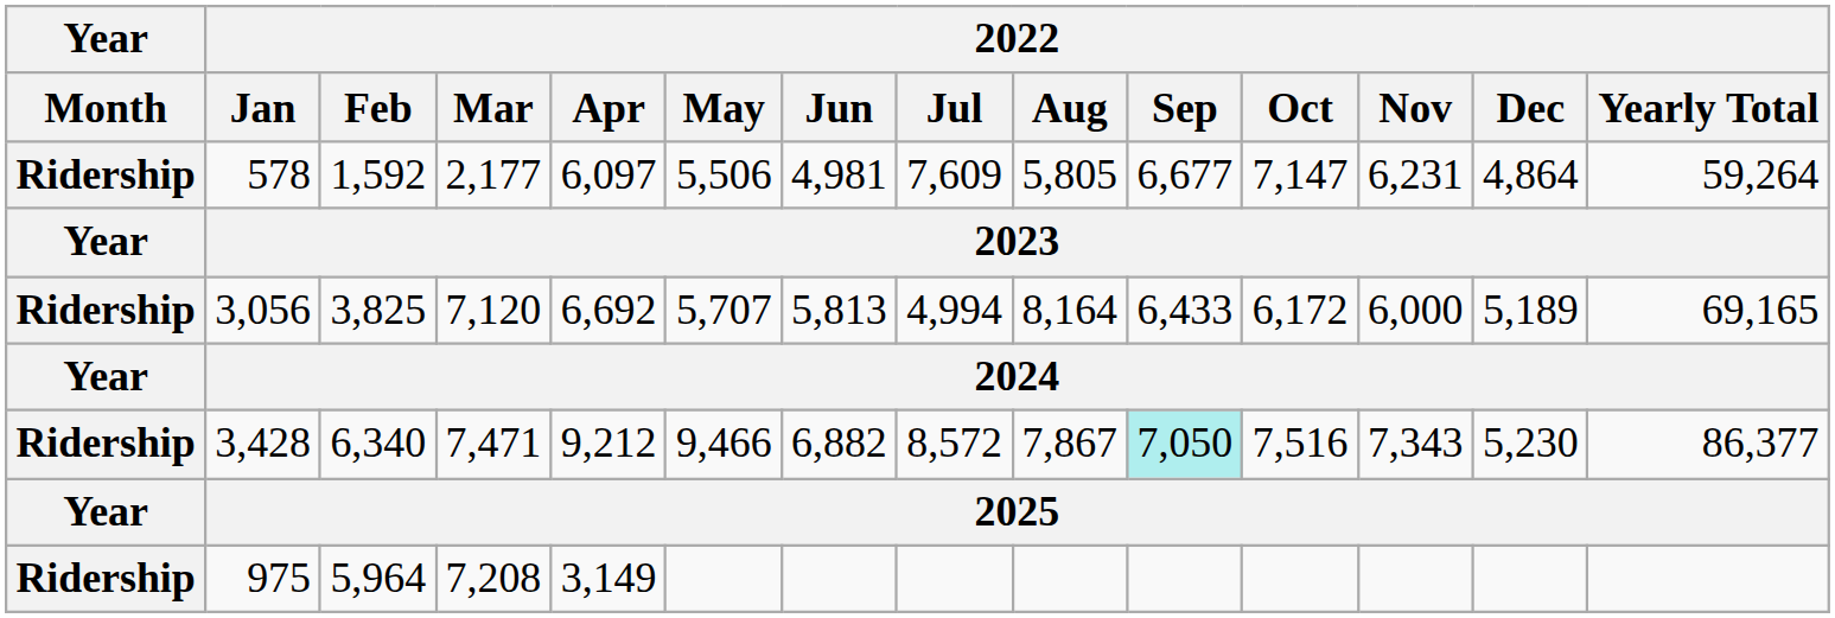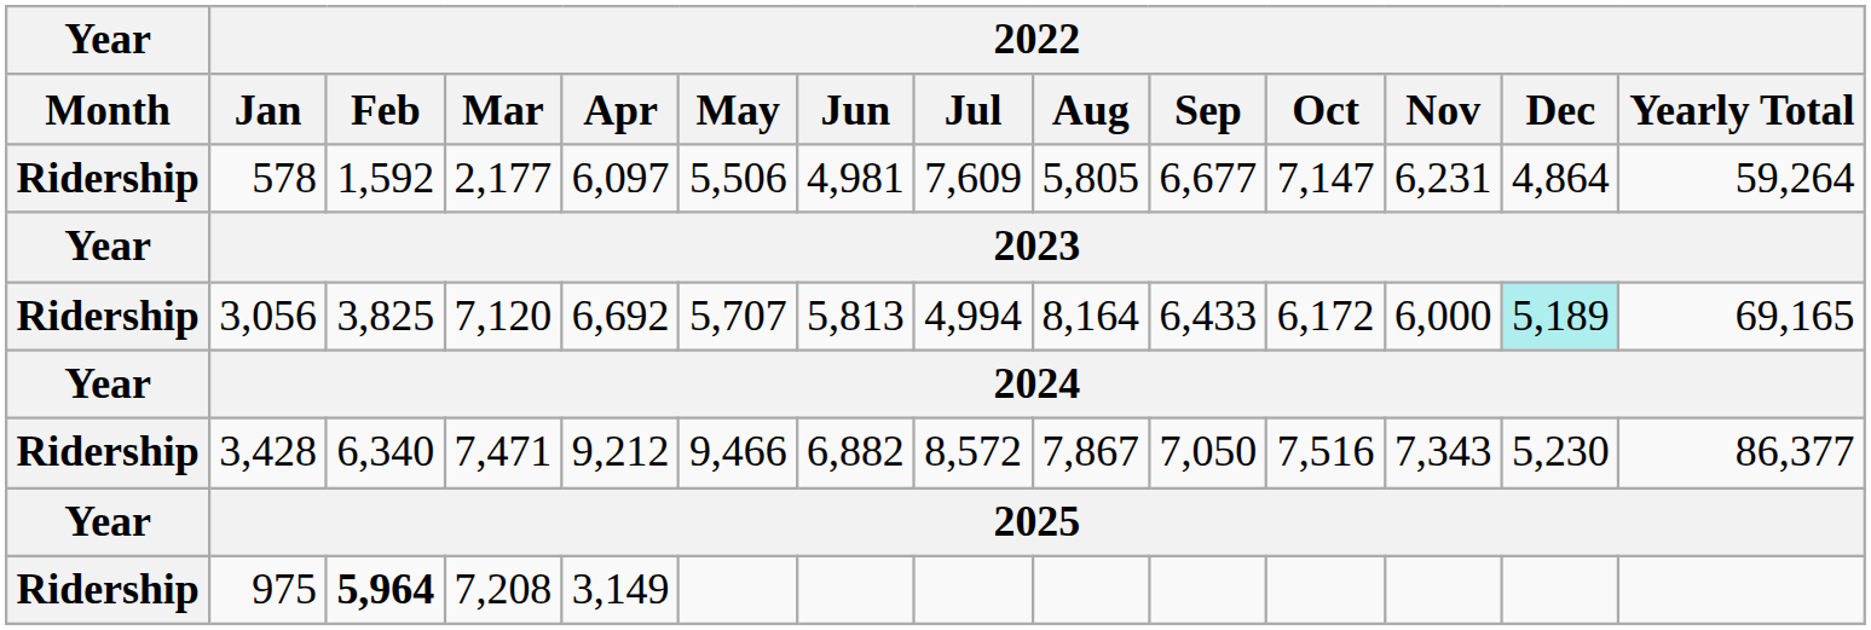 <table class="wikitable" style="text-align:right; white-space:nowrap;">
 <tr>
 <th>Year</th>
 <th colspan="13">2022</th>
 </tr>
 <tr>
 <th>Month</th>
 <th>Jan</th>
 <th>Feb</th>
 <th>Mar</th>
 <th>Apr</th>
 <th>May</th>
 <th>Jun</th>
 <th>Jul</th>
 <th>Aug</th>
 <th>Sep</th>
 <th>Oct</th>
 <th>Nov</th>
 <th>Dec</th>
 <th>Yearly Total</th>
 </tr>
 <tr>
 <th>Ridership</th>
 <td>578</td>
 <td>1,592</td>
 <td>2,177</td>
 <td>6,097</td>
 <td>5,506</td>
 <td>4,981</td>
 <td>7,609</td>
 <td>5,805</td>
 <td>6,677</td>
 <td>7,147</td>
 <td>6,231</td>
 <td>4,864</td>
 <td>59,264</td>
 </tr>
 <tr>
 <th>Year</th>
 <th colspan="13">2023</th>
 </tr>
 <tr>
 <th>Ridership</th>
 <td>3,056</td>
 <td>3,825</td>
 <td>7,120</td>
 <td>6,692</td>
 <td>5,707</td>
 <td>5,813</td>
 <td>4,994</td>
 <td>8,164</td>
 <td>6,433</td>
 <td>6,172</td>
 <td>6,000</td>
-<td>5,189</td>
+<td style="background: paleturquoise;">5,189</td>
 <td>69,165</td>
 </tr>
 <tr>
 <th>Year</th>
 <th colspan="13">2024</th>
 </tr>
 <tr>
 <th>Ridership</th>
 <td>3,428</td>
 <td>6,340</td>
 <td>7,471</td>
 <td>9,212</td>
 <td>9,466</td>
 <td>6,882</td>
 <td>8,572</td>
 <td>7,867</td>
-<td style="background: paleturquoise;">7,050</td>
+<td>7,050</td>
 <td>7,516</td>
 <td>7,343</td>
 <td>5,230</td>
 <td>86,377</td>
 </tr>
 <tr>
 <th>Year</th>
 <th colspan="13">2025</th>
 </tr>
 <tr>
 <th>Ridership</th>
 <td>975</td>
-<td>5,964</td>
+<td><strong>5,964</strong></td>
 <td>7,208</td>
 <td>3,149</td>
 <td></td>
 <td></td>
 <td></td>
 <td></td>
 <td></td>
 <td></td>
 <td></td>
 <td></td>
 <td></td>
 </tr>
 </table>
